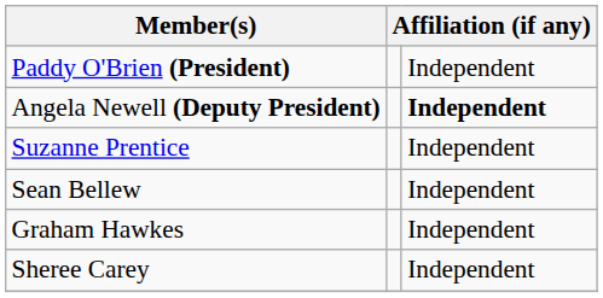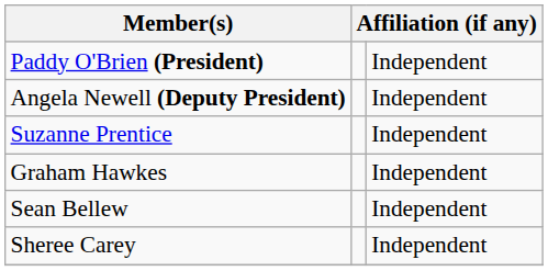 <table class="wikitable">
 <tr>
 <th>Member(s)</th>
 <th colspan="2">Affiliation (if any)</th>
 </tr>
 <tr>
 <td><a href='#'>Paddy O'Brien</a> <strong>(President)</strong></td>
 <td></td>
 <td>Independent</td>
 </tr>
 <tr>
 <td>Angela Newell <strong>(Deputy President)</strong></td>
 <td></td>
-<td><strong>Independent</strong></td>
+<td>Independent</td>
 </tr>
 <tr>
 <td><a href='#'>Suzanne Prentice</a></td>
 <td></td>
 <td>Independent</td>
 </tr>
 <tr>
-<td>Sean Bellew</td>
+<td>Graham Hawkes</td>
 <td></td>
 <td>Independent</td>
 </tr>
 <tr>
-<td>Graham Hawkes</td>
+<td>Sean Bellew</td>
 <td></td>
 <td>Independent</td>
 </tr>
 <tr>
 <td>Sheree Carey</td>
 <td></td>
 <td>Independent</td>
 </tr>
 <tr>
 </tr>
 </table>
